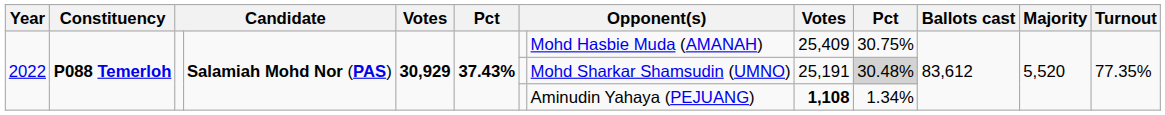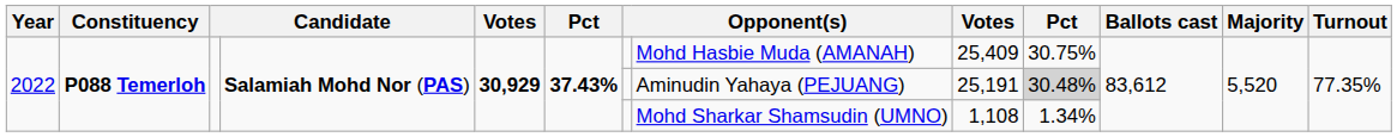 <table class="wikitable" style="margin:0.5em ; font-size:95%">
 <tr>
 <th>Year</th>
 <th>Constituency</th>
 <th colspan=2>Candidate</th>
 <th>Votes</th>
 <th>Pct</th>
 <th colspan=2>Opponent(s)</th>
 <th>Votes</th>
 <th>Pct</th>
 <th>Ballots cast</th>
 <th>Majority</th>
 <th>Turnout</th>
 </tr>
 <tr>
 <td rowspan=3><a href='#'>2022</a></td>
 <td rowspan=3><strong>P088 <a href='#'>Temerloh</a></strong></td>
 <td rowspan=3 bgcolor=></td>
 <td rowspan=3><strong>Salamiah Mohd Nor</strong> (<a href='#'><strong>PAS</strong></a>)</td>
 <td rowspan=3 align=right><strong>30,929</strong></td>
 <td rowspan=3><strong>37.43%</strong></td>
 <td></td>
 <td><a href='#'>Mohd Hasbie Muda</a> (<a href='#'>AMANAH</a>)</td>
 <td align=right>25,409</td>
 <td>30.75%</td>
 <td rowspan=3>83,612</td>
 <td rowspan=3>5,520</td>
 <td rowspan=3>77.35%</td>
 </tr>
 <tr>
 <td></td>
-<td><a href='#'>Mohd Sharkar Shamsudin</a> (<a href='#'>UMNO</a>)</td>
+<td>Aminudin Yahaya (<a href='#'>PEJUANG</a>)</td>
 <td align=right>25,191</td>
 <td style="background: lightgrey;">30.48%</td>
 </tr>
 <tr>
 <td bgcolor=></td>
-<td>Aminudin Yahaya (<a href='#'>PEJUANG</a>)</td>
-<td align=right><strong>1,108</strong></td>
+<td><a href='#'>Mohd Sharkar Shamsudin</a> (<a href='#'>UMNO</a>)</td>
+<td align=right>1,108</td>
 <td align=right>1.34%</td>
 </tr>
 </table>
